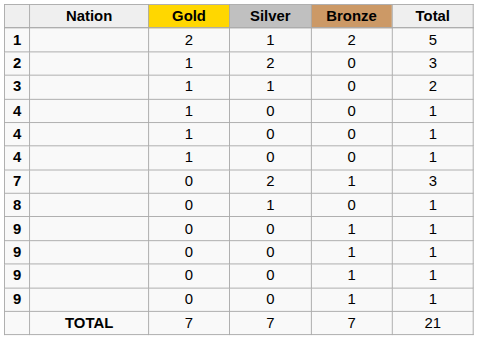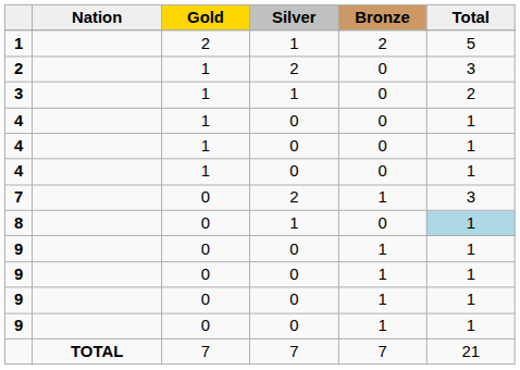 <table class="wikitable" style="text-align:center">
 <tr bgcolor="#efefef">
 <td width="20"></td>
 <td width="120"><strong>Nation</strong></td>
 <td bgcolor="gold" width="80"> <strong>Gold</strong></td>
 <td bgcolor="silver" width="80"> <strong>Silver</strong></td>
 <td bgcolor="#CC9966" width="80"> <strong>Bronze</strong></td>
 <td width="80"><strong>Total</strong></td>
 </tr>
 <tr>
 </tr>
 <tr>
 <td><strong>1</strong></td>
 <td style="text-align:left;"></td>
 <td>2</td>
 <td>1</td>
 <td>2</td>
 <td>5</td>
 </tr>
 <tr>
 <td><strong>2</strong></td>
 <td style="text-align:left;"></td>
 <td>1</td>
 <td>2</td>
 <td>0</td>
 <td>3</td>
 </tr>
 <tr>
 <td><strong>3</strong></td>
 <td style="text-align:left;"></td>
 <td>1</td>
 <td>1</td>
 <td>0</td>
 <td>2</td>
 </tr>
 <tr>
 <td><strong>4</strong></td>
 <td style="text-align:left;"></td>
 <td>1</td>
 <td>0</td>
 <td>0</td>
 <td>1</td>
 </tr>
 <tr>
 <td><strong>4</strong></td>
 <td style="text-align:left;"></td>
 <td>1</td>
 <td>0</td>
 <td>0</td>
 <td>1</td>
 </tr>
 <tr>
 <td><strong>4</strong></td>
 <td style="text-align:left;"></td>
 <td>1</td>
 <td>0</td>
 <td>0</td>
 <td>1</td>
 </tr>
 <tr>
 <td><strong>7</strong></td>
 <td style="text-align:left;"></td>
 <td>0</td>
 <td>2</td>
 <td>1</td>
 <td>3</td>
 </tr>
 <tr>
 <td><strong>8</strong></td>
 <td style="text-align:left;"></td>
 <td>0</td>
 <td>1</td>
 <td>0</td>
-<td>1</td>
+<td style="background: lightblue;">1</td>
 </tr>
 <tr>
 <td><strong>9</strong></td>
 <td style="text-align:left;"></td>
 <td>0</td>
 <td>0</td>
 <td>1</td>
 <td>1</td>
 </tr>
 <tr>
 <td><strong>9</strong></td>
 <td style="text-align:left;"></td>
 <td>0</td>
 <td>0</td>
 <td>1</td>
 <td>1</td>
 </tr>
 <tr>
 <td><strong>9</strong></td>
 <td style="text-align:left;"></td>
 <td>0</td>
 <td>0</td>
 <td>1</td>
 <td>1</td>
 </tr>
 <tr>
 <td><strong>9</strong></td>
 <td style="text-align:left;"></td>
 <td>0</td>
 <td>0</td>
 <td>1</td>
 <td>1</td>
 </tr>
 <tr>
 <td></td>
 <td><strong>TOTAL</strong></td>
 <td>7</td>
 <td>7</td>
 <td>7</td>
 <td>21</td>
 </tr>
 </table>
